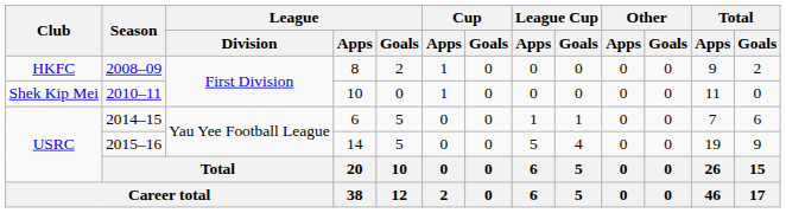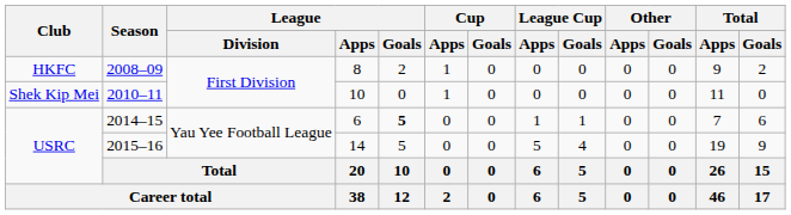 <table class="wikitable" style="text-align: center">
 <tr>
 <th rowspan="2">Club</th>
 <th rowspan="2">Season</th>
 <th colspan="3">League</th>
 <th colspan="2">Cup</th>
 <th colspan="2">League Cup</th>
 <th colspan="2">Other</th>
 <th colspan="2">Total</th>
 </tr>
 <tr>
 <th>Division</th>
 <th>Apps</th>
 <th>Goals</th>
 <th>Apps</th>
 <th>Goals</th>
 <th>Apps</th>
 <th>Goals</th>
 <th>Apps</th>
 <th>Goals</th>
 <th>Apps</th>
 <th>Goals</th>
 </tr>
 <tr>
 <td><a href='#'>HKFC</a></td>
 <td><a href='#'>2008–09</a></td>
 <td rowspan="2"><a href='#'>First Division</a></td>
 <td>8</td>
 <td>2</td>
 <td>1</td>
 <td>0</td>
 <td>0</td>
 <td>0</td>
 <td>0</td>
 <td>0</td>
 <td>9</td>
 <td>2</td>
 </tr>
 <tr>
 <td><a href='#'>Shek Kip Mei</a></td>
 <td><a href='#'>2010–11</a></td>
 <td>10</td>
 <td>0</td>
 <td>1</td>
 <td>0</td>
 <td>0</td>
 <td>0</td>
 <td>0</td>
 <td>0</td>
 <td>11</td>
 <td>0</td>
 </tr>
 <tr>
 <td rowspan="3"><a href='#'>USRC</a></td>
 <td>2014–15</td>
 <td rowspan="2">Yau Yee Football League</td>
 <td>6</td>
-<td>5</td>
+<td><strong>5</strong></td>
 <td>0</td>
 <td>0</td>
 <td>1</td>
 <td>1</td>
 <td>0</td>
 <td>0</td>
 <td>7</td>
 <td>6</td>
 </tr>
 <tr>
 <td>2015–16</td>
 <td>14</td>
 <td>5</td>
 <td>0</td>
 <td>0</td>
 <td>5</td>
 <td>4</td>
 <td>0</td>
 <td>0</td>
 <td>19</td>
 <td>9</td>
 </tr>
 <tr>
 <th colspan="2">Total</th>
 <th>20</th>
 <th>10</th>
 <th>0</th>
 <th>0</th>
 <th>6</th>
 <th>5</th>
 <th>0</th>
 <th>0</th>
 <th>26</th>
 <th>15</th>
 </tr>
 <tr>
 <th colspan="3">Career total</th>
 <th>38</th>
 <th>12</th>
 <th>2</th>
 <th>0</th>
 <th>6</th>
 <th>5</th>
 <th>0</th>
 <th>0</th>
 <th>46</th>
 <th>17</th>
 </tr>
 </table>
